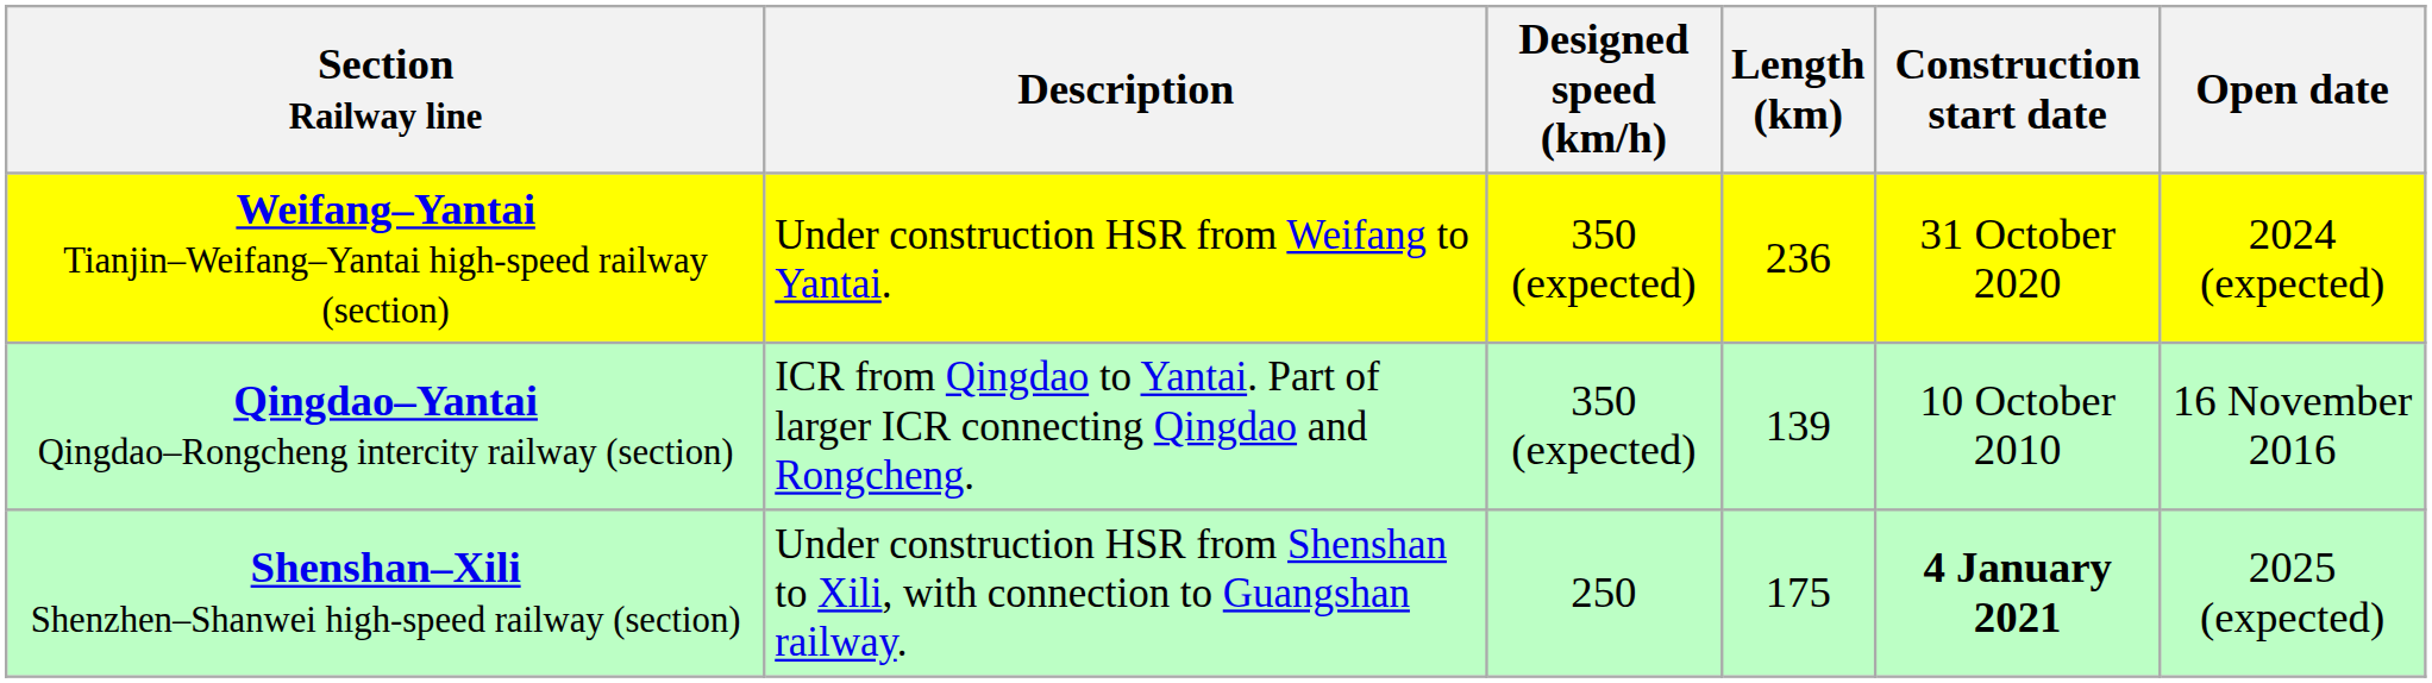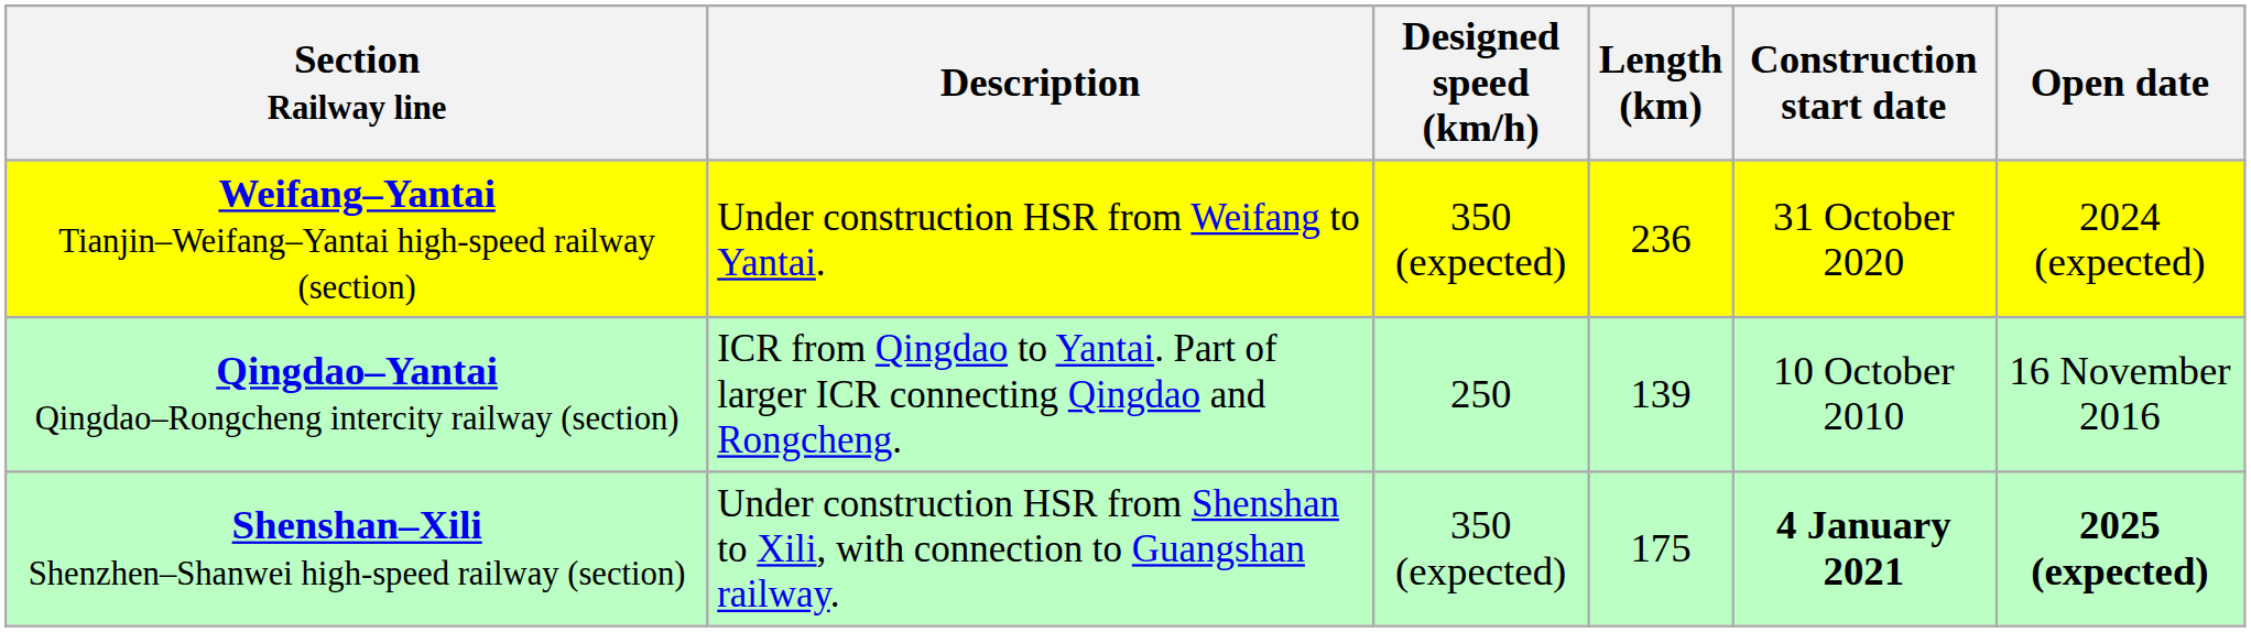 <table class="wikitable sortable" width="70%" style="font-size:100%;text-align: center;">
 <tr>
 <th width="270"><strong>Section</strong> <br> <small> Railway line </small></th>
 <th><strong>Description</strong></th>
 <th><strong>Designed <br> speed <br> (km/h)</strong> <br></th>
 <th><strong>Length <br> (km)</strong> <br></th>
 <th><strong>Construction <br> start date</strong> <br></th>
 <th><strong>Open date</strong> <br></th>
 </tr>
 <tr style="background:yellow;">
 <td style="font-size:100%;"><strong><a href='#'>Weifang–Yantai</a></strong><br> <small> Tianjin–Weifang–Yantai high-speed railway (section)</small></td>
 <td style="font-size:95%; text-align:left">Under construction HSR from <a href='#'>Weifang</a> to <a href='#'>Yantai</a>.</td>
 <td>350 (expected)</td>
 <td>236</td>
 <td>31 October 2020</td>
 <td>2024 (expected)</td>
 </tr>
 <tr style="background:#bcffc5;">
 <td style="font-size:100%;"><strong><a href='#'>Qingdao–Yantai</a></strong><br><small>Qingdao–Rongcheng intercity railway (section)</small></td>
 <td style="font-size:95%; text-align:left">ICR from <a href='#'>Qingdao</a> to <a href='#'>Yantai</a>. Part of larger ICR connecting <a href='#'>Qingdao</a> and <a href='#'>Rongcheng</a>.</td>
-<td>350 (expected)</td>
+<td>250</td>
 <td>139</td>
 <td>10 October 2010</td>
 <td>16 November 2016</td>
 </tr>
 <tr style="background:#bcffc5;">
 <td><strong><a href='#'>Shenshan–Xili</a></strong><br> <small> Shenzhen–Shanwei high-speed railway (section)</small></td>
 <td style="font-size:95%; text-align:left">Under construction HSR from <a href='#'>Shenshan</a> to <a href='#'>Xili</a>, with connection to <a href='#'>Guangshan railway</a>.</td>
-<td>250</td>
+<td>350 (expected)</td>
 <td>175</td>
 <td><strong>4 January 2021</strong></td>
-<td>2025 (expected)</td>
+<td><strong>2025 (expected)</strong></td>
 </tr>
 </table>
